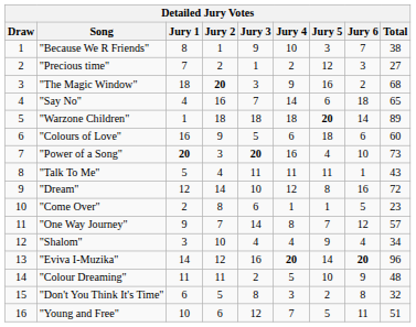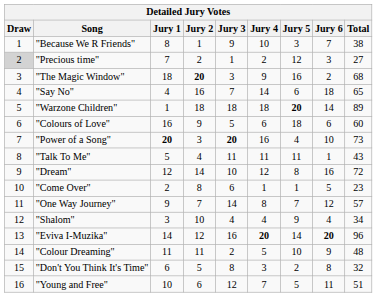 <table class="wikitable collapsible collapsed" style="margin: 1em auto 1em auto; text-align:center;">
 <tr>
 <th colspan="9">Detailed Jury Votes</th>
 </tr>
 <tr>
 <th>Draw</th>
 <th>Song</th>
 <th>Jury 1</th>
 <th>Jury 2</th>
 <th>Jury 3</th>
 <th>Jury 4</th>
 <th>Jury 5</th>
 <th>Jury 6</th>
 <th>Total</th>
 </tr>
 <tr>
 <td>1</td>
 <td align=left>"Because We R Friends"</td>
 <td>8</td>
 <td>1</td>
 <td>9</td>
 <td>10</td>
 <td>3</td>
 <td>7</td>
 <td>38</td>
 </tr>
 <tr>
-<td>2</td>
+<td style="background: lightgrey;">2</td>
 <td align=left>"Precious time"</td>
 <td>7</td>
 <td>2</td>
 <td>1</td>
 <td>2</td>
 <td>12</td>
 <td>3</td>
 <td>27</td>
 </tr>
 <tr>
 <td>3</td>
 <td align=left>"The Magic Window"</td>
 <td>18</td>
 <td><strong>20</strong></td>
 <td>3</td>
 <td>9</td>
 <td>16</td>
 <td>2</td>
 <td>68</td>
 </tr>
 <tr>
 <td>4</td>
 <td align=left>"Say No"</td>
 <td>4</td>
 <td>16</td>
 <td>7</td>
 <td>14</td>
 <td>6</td>
 <td>18</td>
 <td>65</td>
 </tr>
 <tr>
 <td>5</td>
 <td align=left>"Warzone Children"</td>
 <td>1</td>
 <td>18</td>
 <td>18</td>
 <td>18</td>
 <td><strong>20</strong></td>
 <td>14</td>
 <td>89</td>
 </tr>
 <tr>
 <td>6</td>
 <td align=left>"Colours of Love"</td>
 <td>16</td>
 <td>9</td>
 <td>5</td>
 <td>6</td>
 <td>18</td>
 <td>6</td>
 <td>60</td>
 </tr>
 <tr>
 <td>7</td>
 <td align=left>"Power of a Song"</td>
 <td><strong>20</strong></td>
 <td>3</td>
 <td><strong>20</strong></td>
 <td>16</td>
 <td>4</td>
 <td>10</td>
 <td>73</td>
 </tr>
 <tr>
 <td>8</td>
 <td align=left>"Talk To Me"</td>
 <td>5</td>
 <td>4</td>
 <td>11</td>
 <td>11</td>
 <td>11</td>
 <td>1</td>
 <td>43</td>
 </tr>
 <tr>
 <td>9</td>
 <td align=left>"Dream"</td>
 <td>12</td>
 <td>14</td>
 <td>10</td>
 <td>12</td>
 <td>8</td>
 <td>16</td>
 <td>72</td>
 </tr>
 <tr>
 <td>10</td>
 <td align=left>"Come Over"</td>
 <td>2</td>
 <td>8</td>
 <td>6</td>
 <td>1</td>
 <td>1</td>
 <td>5</td>
 <td>23</td>
 </tr>
 <tr>
 <td>11</td>
 <td align=left>"One Way Journey"</td>
 <td>9</td>
 <td>7</td>
 <td>14</td>
 <td>8</td>
 <td>7</td>
 <td>12</td>
 <td>57</td>
 </tr>
 <tr>
 <td>12</td>
 <td align=left>"Shalom"</td>
 <td>3</td>
 <td>10</td>
 <td>4</td>
 <td>4</td>
 <td>9</td>
 <td>4</td>
 <td>34</td>
 </tr>
 <tr>
 <td>13</td>
 <td align=left>"Eviva I-Muzika"</td>
 <td>14</td>
 <td>12</td>
 <td>16</td>
 <td><strong>20</strong></td>
 <td>14</td>
 <td><strong>20</strong></td>
 <td>96</td>
 </tr>
 <tr>
 <td>14</td>
 <td align=left>"Colour Dreaming"</td>
 <td>11</td>
 <td>11</td>
 <td>2</td>
 <td>5</td>
 <td>10</td>
 <td>9</td>
 <td>48</td>
 </tr>
 <tr>
 <td>15</td>
 <td align=left>"Don't You Think It's Time"</td>
 <td>6</td>
 <td>5</td>
 <td>8</td>
 <td>3</td>
 <td>2</td>
 <td>8</td>
 <td>32</td>
 </tr>
 <tr>
 <td>16</td>
 <td align=left>"Young and Free"</td>
 <td>10</td>
 <td>6</td>
 <td>12</td>
 <td>7</td>
 <td>5</td>
 <td>11</td>
 <td>51</td>
 </tr>
 </table>
